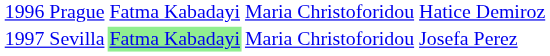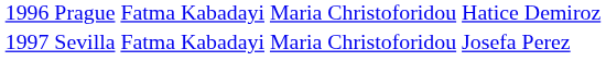 <table>
 <tr>
 <td><a href='#'>1996 Prague</a></td>
 <td> <a href='#'>Fatma Kabadayi</a></td>
 <td> <a href='#'>Maria Christoforidou</a></td>
 <td> <a href='#'>Hatice Demiroz</a></td>
 </tr>
 <tr>
 <td><a href='#'>1997 Sevilla</a></td>
-<td style="background: lightgreen;"> <a href='#'>Fatma Kabadayi</a></td>
+<td> <a href='#'>Fatma Kabadayi</a></td>
 <td> <a href='#'>Maria Christoforidou</a></td>
 <td> <a href='#'>Josefa Perez</a></td>
 </tr>
 </table>
